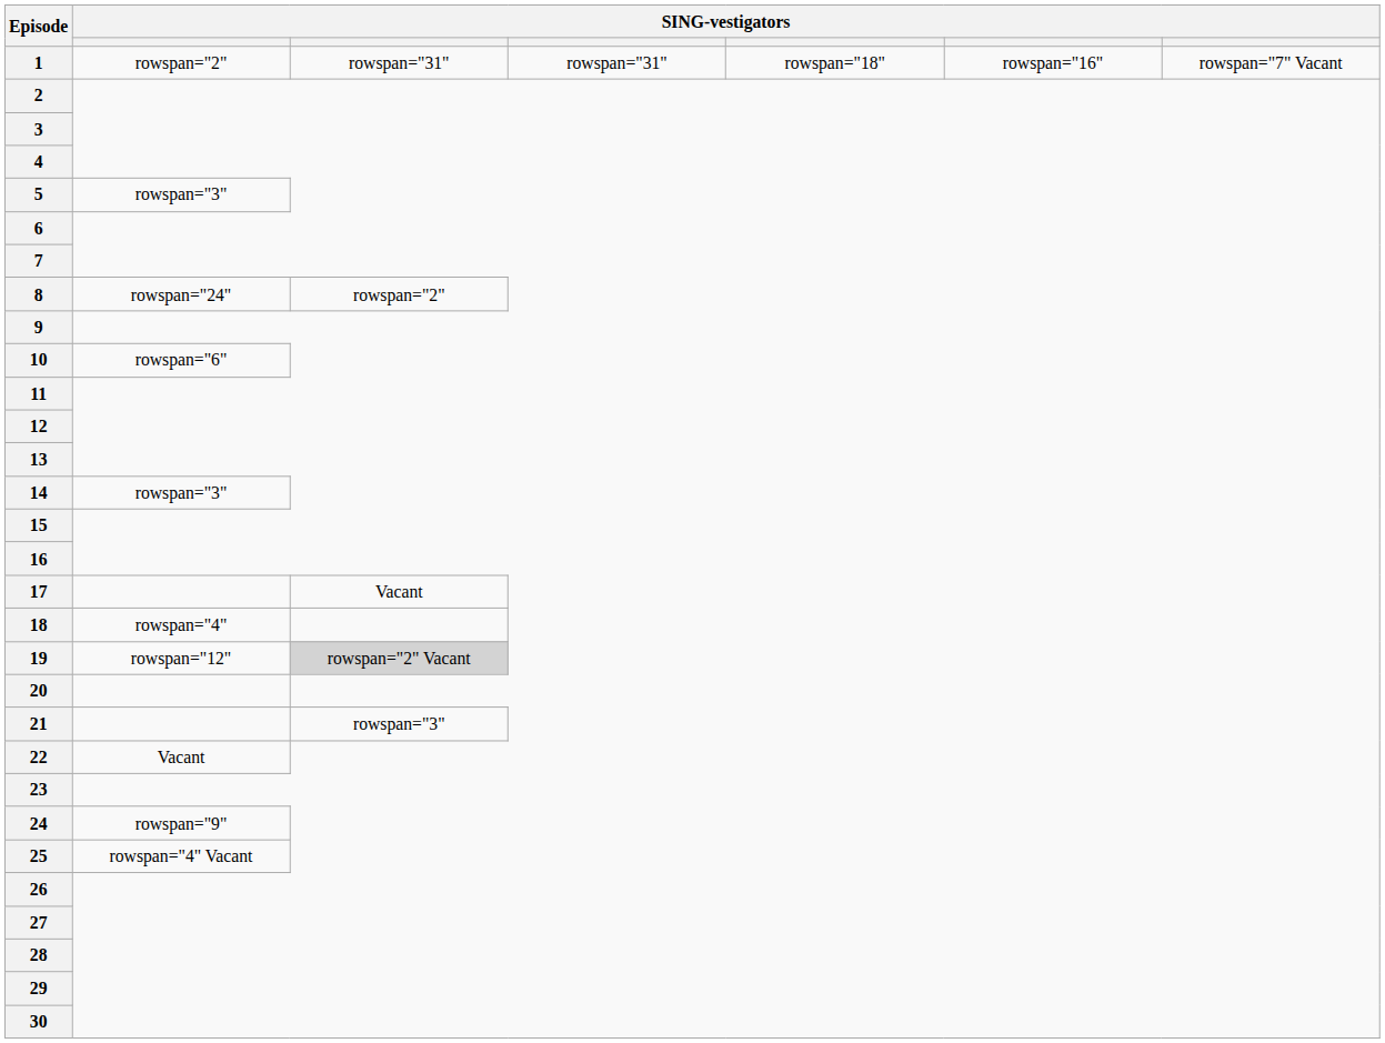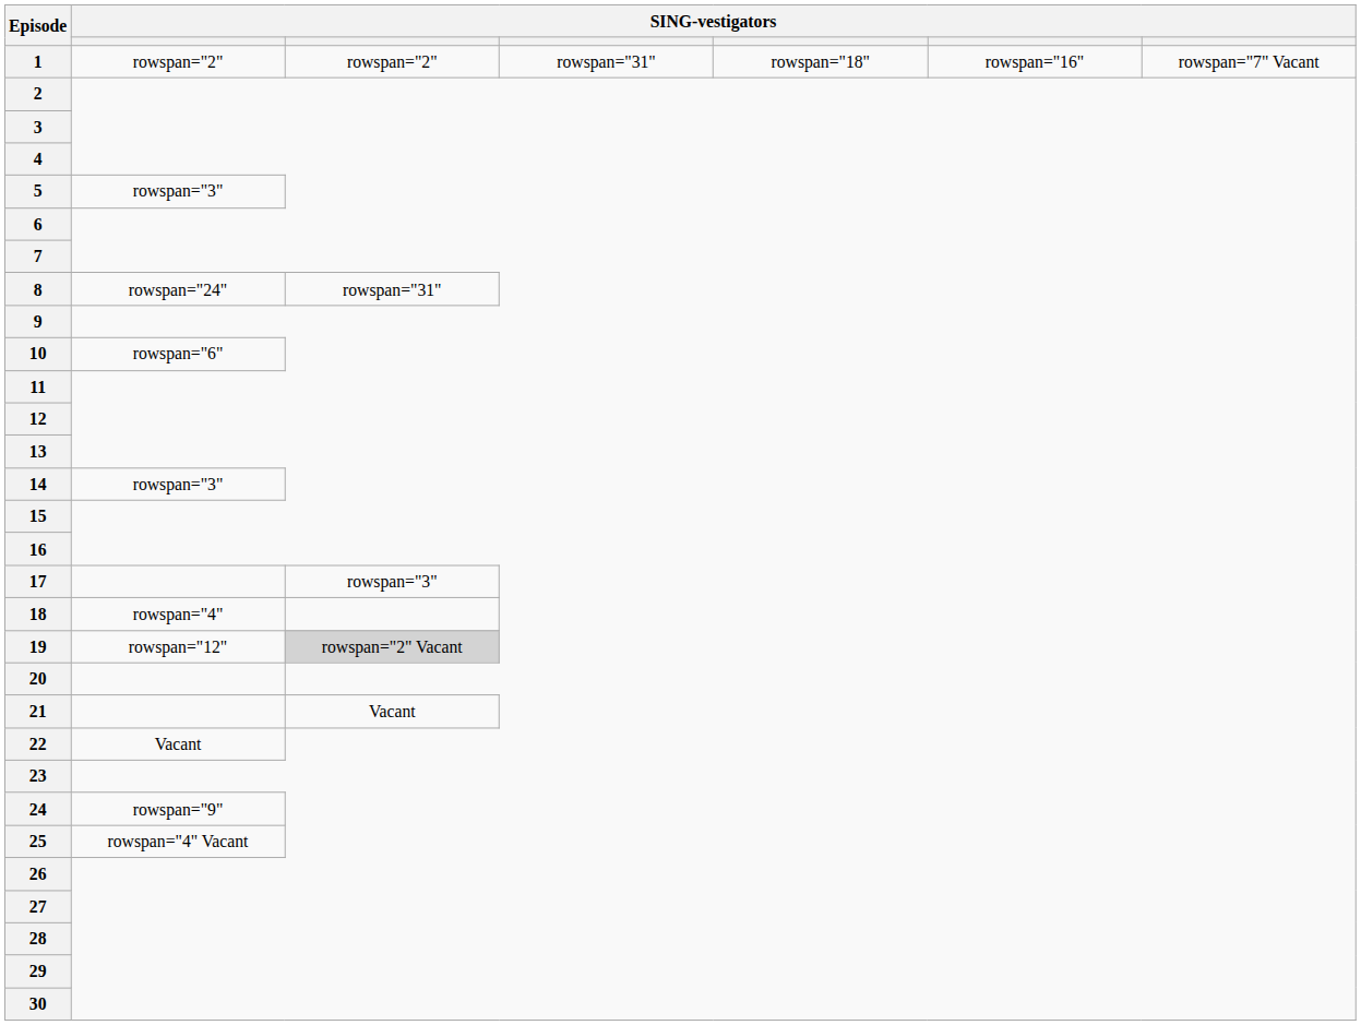 <table class="wikitable plainrowheaders mw-collapsible" style="text-align:center; line-height:23px; width:100%;">
 <tr>
 <th rowspan="2" width="1%">Episode</th>
 <th colspan="6">SING-vestigators</th>
 </tr>
 <tr>
 <th width="16%"></th>
 <th width="16%"></th>
 <th width="16%"></th>
 <th width="16%"></th>
 <th width="16%"></th>
 <th width="16%"></th>
 </tr>
 <tr>
 <th>1</th>
 <td>rowspan="2" </td>
-<td>rowspan="31" </td>
+<td>rowspan="2" </td>
 <td>rowspan="31" </td>
 <td>rowspan="18" </td>
 <td>rowspan="16" </td>
 <td>rowspan="7"  Vacant</td>
 </tr>
 <tr>
 <th>2</th>
 </tr>
 <tr>
 <th>3</th>
 </tr>
 <tr>
 <th>4</th>
 </tr>
 <tr>
 <th>5</th>
 <td>rowspan="3" </td>
 </tr>
 <tr>
 <th>6</th>
 </tr>
 <tr>
 <th>7</th>
 </tr>
 <tr>
 <th>8</th>
 <td>rowspan="24" </td>
-<td>rowspan="2" </td>
+<td>rowspan="31" </td>
 </tr>
 <tr>
 <th>9</th>
 </tr>
 <tr>
 <th>10</th>
 <td>rowspan="6" </td>
 </tr>
 <tr>
 <th>11</th>
 </tr>
 <tr>
 <th>12</th>
 </tr>
 <tr>
 <th>13</th>
 </tr>
 <tr>
 <th>14</th>
 <td>rowspan="3" </td>
 </tr>
 <tr>
 <th>15</th>
 </tr>
 <tr>
 <th>16</th>
 </tr>
 <tr>
 <th>17</th>
 <td></td>
-<td> Vacant</td>
+<td>rowspan="3" </td>
 </tr>
 <tr>
 <th>18</th>
 <td>rowspan="4" </td>
 <td></td>
 </tr>
 <tr>
 <th>19</th>
 <td>rowspan="12" </td>
 <td style="background: lightgrey;">rowspan="2"  Vacant</td>
 </tr>
 <tr>
 <th>20</th>
 <td></td>
 </tr>
 <tr>
 <th>21</th>
 <td></td>
-<td>rowspan="3" </td>
+<td> Vacant</td>
 </tr>
 <tr>
 <th>22</th>
 <td> Vacant</td>
 </tr>
 <tr>
 <th>23</th>
 </tr>
 <tr>
 <th>24</th>
 <td>rowspan="9" </td>
 </tr>
 <tr>
 <th>25</th>
 <td>rowspan="4"  Vacant</td>
 </tr>
 <tr>
 <th>26</th>
 </tr>
 <tr>
 <th>27</th>
 </tr>
 <tr>
 <th>28</th>
 </tr>
 <tr>
 <th>29</th>
 </tr>
 <tr>
 <th>30</th>
 </tr>
 </table>
